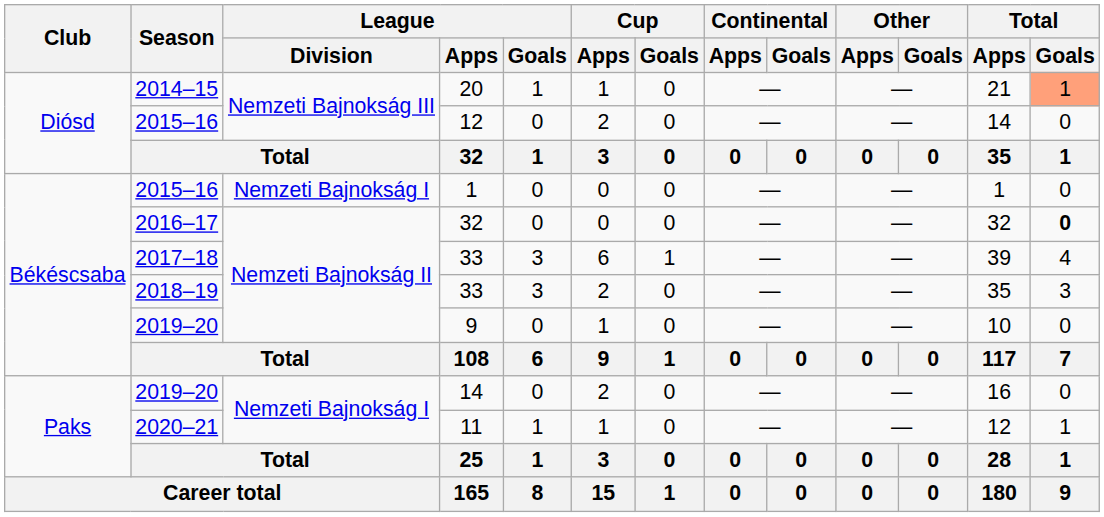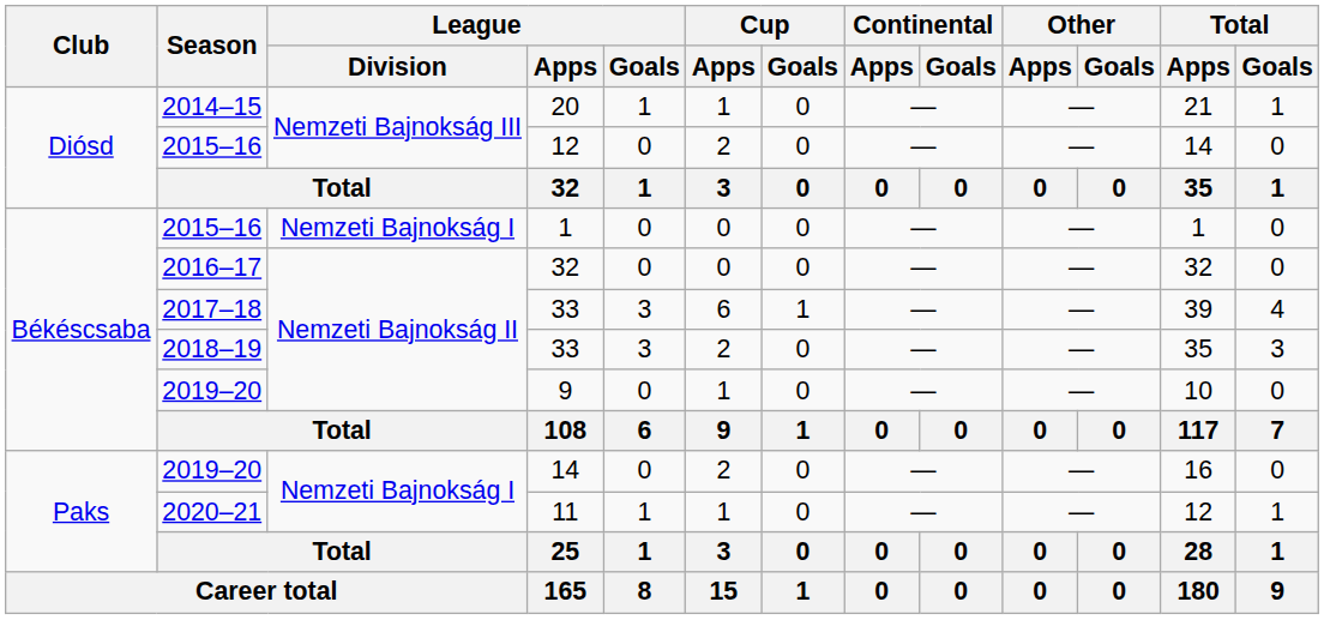 <table class="wikitable" style="text-align:center">
 <tr>
 <th rowspan="2">Club</th>
 <th rowspan="2">Season</th>
 <th colspan="3">League</th>
 <th colspan="2">Cup</th>
 <th colspan="2">Continental</th>
 <th colspan="2">Other</th>
 <th colspan="2">Total</th>
 </tr>
 <tr>
 <th>Division</th>
 <th>Apps</th>
 <th>Goals</th>
 <th>Apps</th>
 <th>Goals</th>
 <th>Apps</th>
 <th>Goals</th>
 <th>Apps</th>
 <th>Goals</th>
 <th>Apps</th>
 <th>Goals</th>
 </tr>
 <tr>
 <td rowspan="3"><a href='#'>Diósd</a></td>
 <td><a href='#'>2014–15</a></td>
 <td rowspan="2"><a href='#'>Nemzeti Bajnokság III</a></td>
 <td>20</td>
 <td>1</td>
 <td>1</td>
 <td>0</td>
 <td colspan="2">—</td>
 <td colspan="2">—</td>
 <td>21</td>
-<td style="background: lightsalmon;">1</td>
+<td>1</td>
 </tr>
 <tr>
 <td><a href='#'>2015–16</a></td>
 <td>12</td>
 <td>0</td>
 <td>2</td>
 <td>0</td>
 <td colspan="2">—</td>
 <td colspan="2">—</td>
 <td>14</td>
 <td>0</td>
 </tr>
 <tr>
 <th colspan="2">Total</th>
 <th>32</th>
 <th>1</th>
 <th>3</th>
 <th>0</th>
 <th>0</th>
 <th>0</th>
 <th>0</th>
 <th>0</th>
 <th>35</th>
 <th>1</th>
 </tr>
 <tr>
 <td rowspan="6"><a href='#'>Békéscsaba</a></td>
 <td><a href='#'>2015–16</a></td>
 <td><a href='#'>Nemzeti Bajnokság I</a></td>
 <td>1</td>
 <td>0</td>
 <td>0</td>
 <td>0</td>
 <td colspan="2">—</td>
 <td colspan="2">—</td>
 <td>1</td>
 <td>0</td>
 </tr>
 <tr>
 <td><a href='#'>2016–17</a></td>
 <td rowspan="4"><a href='#'>Nemzeti Bajnokság II</a></td>
 <td>32</td>
 <td>0</td>
 <td>0</td>
 <td>0</td>
 <td colspan="2">—</td>
 <td colspan="2">—</td>
 <td>32</td>
-<td><strong>0</strong></td>
+<td>0</td>
 </tr>
 <tr>
 <td><a href='#'>2017–18</a></td>
 <td>33</td>
 <td>3</td>
 <td>6</td>
 <td>1</td>
 <td colspan="2">—</td>
 <td colspan="2">—</td>
 <td>39</td>
 <td>4</td>
 </tr>
 <tr>
 <td><a href='#'>2018–19</a></td>
 <td>33</td>
 <td>3</td>
 <td>2</td>
 <td>0</td>
 <td colspan="2">—</td>
 <td colspan="2">—</td>
 <td>35</td>
 <td>3</td>
 </tr>
 <tr>
 <td><a href='#'>2019–20</a></td>
 <td>9</td>
 <td>0</td>
 <td>1</td>
 <td>0</td>
 <td colspan="2">—</td>
 <td colspan="2">—</td>
 <td>10</td>
 <td>0</td>
 </tr>
 <tr>
 <th colspan="2">Total</th>
 <th>108</th>
 <th>6</th>
 <th>9</th>
 <th>1</th>
 <th>0</th>
 <th>0</th>
 <th>0</th>
 <th>0</th>
 <th>117</th>
 <th>7</th>
 </tr>
 <tr>
 <td rowspan="3"><a href='#'>Paks</a></td>
 <td><a href='#'>2019–20</a></td>
 <td rowspan="2"><a href='#'>Nemzeti Bajnokság I</a></td>
 <td>14</td>
 <td>0</td>
 <td>2</td>
 <td>0</td>
 <td colspan="2">—</td>
 <td colspan="2">—</td>
 <td>16</td>
 <td>0</td>
 </tr>
 <tr>
 <td><a href='#'>2020–21</a></td>
 <td>11</td>
 <td>1</td>
 <td>1</td>
 <td>0</td>
 <td colspan="2">—</td>
 <td colspan="2">—</td>
 <td>12</td>
 <td>1</td>
 </tr>
 <tr>
 <th colspan="2">Total</th>
 <th>25</th>
 <th>1</th>
 <th>3</th>
 <th>0</th>
 <th>0</th>
 <th>0</th>
 <th>0</th>
 <th>0</th>
 <th>28</th>
 <th>1</th>
 </tr>
 <tr>
 <th colspan="3">Career total</th>
 <th>165</th>
 <th>8</th>
 <th>15</th>
 <th>1</th>
 <th>0</th>
 <th>0</th>
 <th>0</th>
 <th>0</th>
 <th>180</th>
 <th>9</th>
 </tr>
 </table>
